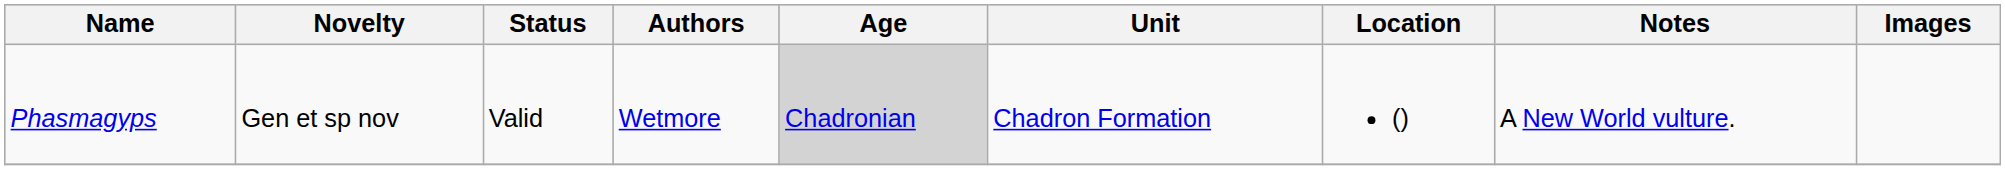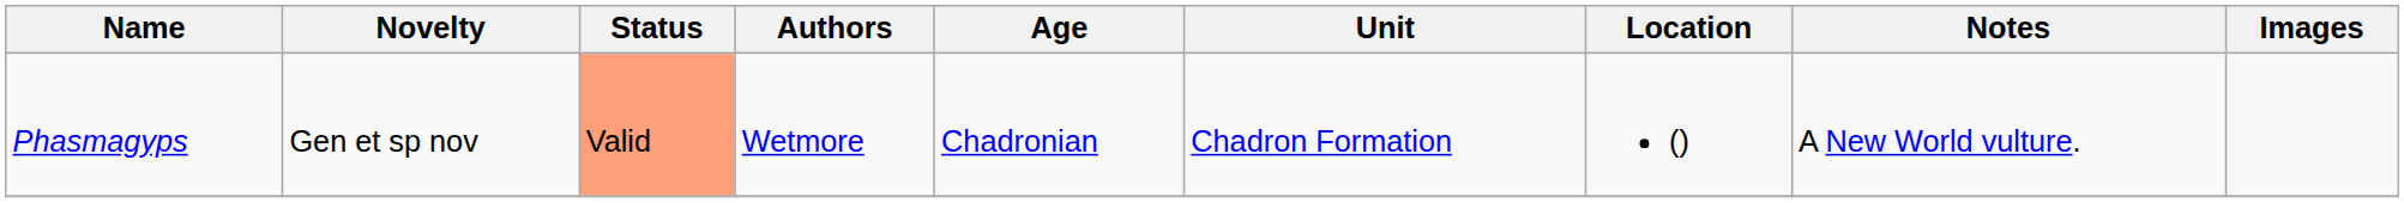 <table class="wikitable sortable" align="center" width="100%">
 <tr>
 <th>Name</th>
 <th>Novelty</th>
 <th>Status</th>
 <th>Authors</th>
 <th>Age</th>
 <th>Unit</th>
 <th>Location</th>
 <th>Notes</th>
 <th>Images</th>
 </tr>
 <tr>
 <td><br><em><a href='#'>Phasmagyps</a></em></td>
 <td><br>Gen et sp nov</td>
-<td><br>Valid</td>
+<td style="background: lightsalmon;"><br>Valid</td>
 <td><br><a href='#'>Wetmore</a></td>
-<td style="background: lightgrey;"><br><a href='#'>Chadronian</a></td>
+<td><br><a href='#'>Chadronian</a></td>
 <td><br><a href='#'>Chadron Formation</a></td>
 <td><br><ul><li> ()</li></ul></td>
 <td><br>A <a href='#'>New World vulture</a>.</td>
 <td></td>
 </tr>
 <tr>
 </tr>
 </table>
